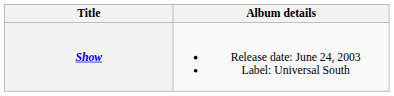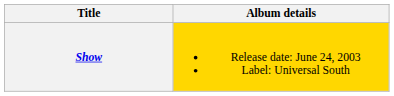 <table class="wikitable plainrowheaders" style="text-align:center;">
 <tr>
 <th style="width:14em;">Title</th>
 <th style="width:18em;">Album details</th>
 </tr>
 <tr>
 <th scope="row"><em><a href='#'>Show</a></em></th>
-<td><br><ul><li>Release date: June 24, 2003</li><li>Label: Universal South</li></ul></td>
+<td style="background: gold;"><br><ul><li>Release date: June 24, 2003</li><li>Label: Universal South</li></ul></td>
 </tr>
 </table>
